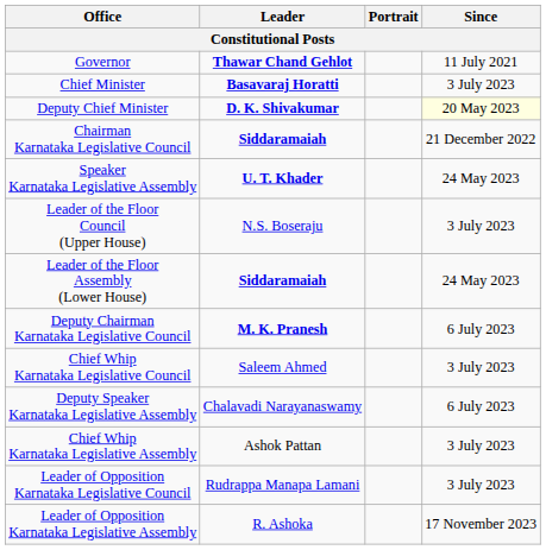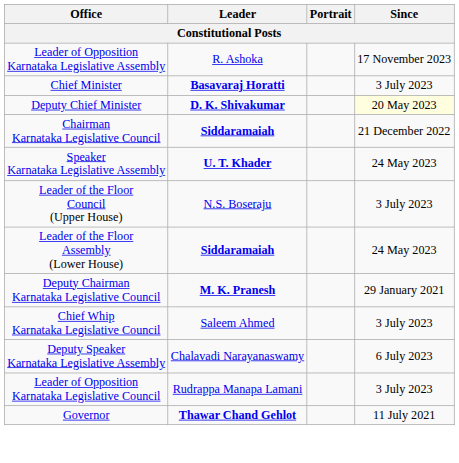 <table class="wikitable" style="text-align:center">
 <tr>
 <th Style="background-color:">Office</th>
 <th Style="background-color:">Leader</th>
 <th Style="background-color:">Portrait</th>
 <th Style="background-color:">Since</th>
 </tr>
 <tr>
 <th colspan=4>Constitutional Posts</th>
 </tr>
 <tr>
-<td><a href='#'>Governor</a></td>
-<td><strong><a href='#'>Thawar Chand Gehlot</a></strong></td>
+<td><a href='#'>Leader of Opposition<br> Karnataka Legislative Assembly</a></td>
+<td><a href='#'>R. Ashoka</a></td>
 <td></td>
-<td>11 July 2021</td>
+<td>17 November 2023</td>
 </tr>
 <tr>
 <td><a href='#'>Chief Minister</a></td>
 <td><strong><a href='#'>Basavaraj Horatti</a></strong></td>
 <td></td>
 <td>3 July 2023</td>
 </tr>
 <tr>
 <td><a href='#'>Deputy Chief Minister</a></td>
 <td><strong><a href='#'>D. K. Shivakumar</a></strong></td>
 <td></td>
 <td style="background: lightyellow;">20 May 2023</td>
 </tr>
 <tr>
 <td><a href='#'>Chairman<br> Karnataka Legislative Council</a></td>
 <td><strong><a href='#'>Siddaramaiah</a></strong></td>
 <td></td>
 <td>21 December 2022</td>
 </tr>
 <tr>
 <td><a href='#'>Speaker<br> Karnataka Legislative Assembly</a></td>
 <td><strong><a href='#'>U. T. Khader</a></strong></td>
 <td></td>
 <td>24 May 2023</td>
 </tr>
 <tr>
 <td><a href='#'>Leader of the Floor</a><br><a href='#'>Council</a><br>(Upper House)</td>
 <td><a href='#'>N.S. Boseraju</a></td>
 <td></td>
 <td>3 July 2023</td>
 </tr>
 <tr>
 <td><a href='#'>Leader of the Floor</a><br><a href='#'>Assembly</a><br>(Lower House)</td>
 <td><strong><a href='#'>Siddaramaiah</a></strong></td>
 <td></td>
 <td>24 May 2023</td>
 </tr>
 <tr>
 <td><a href='#'>Deputy Chairman<br> Karnataka Legislative Council</a></td>
 <td><strong><a href='#'>M. K. Pranesh</a></strong></td>
 <td></td>
-<td>6 July 2023</td>
+<td>29 January 2021</td>
 </tr>
 <tr>
 <td><a href='#'>Chief Whip<br>Karnataka Legislative Council</a></td>
 <td><a href='#'>Saleem Ahmed</a></td>
 <td></td>
 <td>3 July 2023</td>
 </tr>
 <tr>
 <td><a href='#'>Deputy Speaker<br> Karnataka Legislative Assembly</a></td>
 <td><a href='#'>Chalavadi Narayanaswamy</a></td>
 <td></td>
 <td>6 July 2023</td>
 </tr>
 <tr>
-<td><a href='#'>Chief Whip<br>Karnataka Legislative Assembly</a></td>
-<td>Ashok Pattan</td>
-<td></td>
-<td>3 July 2023</td>
-</tr>
-<tr>
 <td><a href='#'>Leader of Opposition<br> Karnataka Legislative Council</a></td>
 <td><a href='#'>Rudrappa Manapa Lamani</a></td>
 <td></td>
 <td>3 July 2023</td>
 </tr>
 <tr>
-<td><a href='#'>Leader of Opposition<br> Karnataka Legislative Assembly</a></td>
-<td><a href='#'>R. Ashoka</a></td>
+<td><a href='#'>Governor</a></td>
+<td><strong><a href='#'>Thawar Chand Gehlot</a></strong></td>
 <td></td>
-<td>17 November 2023</td>
+<td>11 July 2021</td>
 </tr>
 </table>
